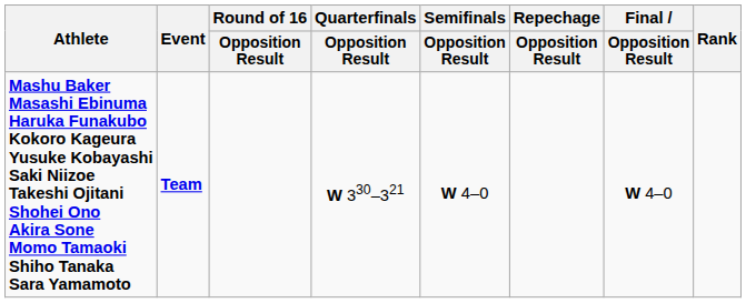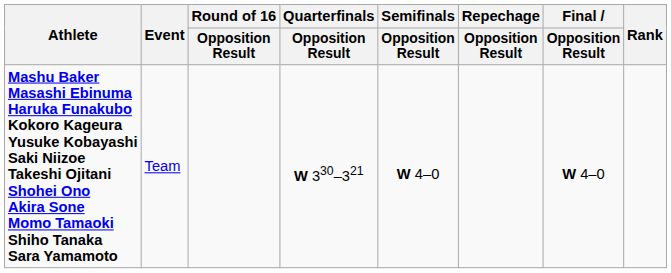 <table class=wikitable style=font-size:90%;text-align:center>
 <tr>
 <th rowspan="2">Athlete</th>
 <th rowspan="2">Event</th>
 <th>Round of 16</th>
 <th>Quarterfinals</th>
 <th>Semifinals</th>
 <th>Repechage</th>
 <th>Final / </th>
 <th rowspan=2>Rank</th>
 </tr>
 <tr style="font-size:95%">
 <th>Opposition<br>Result</th>
 <th>Opposition<br>Result</th>
 <th>Opposition<br>Result</th>
 <th>Opposition<br>Result</th>
 <th>Opposition<br>Result</th>
 </tr>
 <tr>
 <td style="text-align:left"><strong><a href='#'>Mashu Baker</a><br><a href='#'>Masashi Ebinuma</a><br><a href='#'>Haruka Funakubo</a><br>Kokoro Kageura<br>Yusuke Kobayashi<br>Saki Niizoe<br>Takeshi Ojitani<br><a href='#'>Shohei Ono</a><br><a href='#'>Akira Sone</a><br><a href='#'>Momo Tamaoki</a><br>Shiho Tanaka<br>Sara Yamamoto</strong></td>
-<td style="text-align:left"><strong><a href='#'>Team</a></strong></td>
+<td style="text-align:left"><a href='#'>Team</a></td>
 <td></td>
 <td><br><strong>W</strong> 3<sup>30</sup>–3<sup>21</sup></td>
 <td><br><strong>W</strong> 4–0</td>
 <td></td>
 <td><br><strong>W</strong> 4–0</td>
 <td></td>
 </tr>
 </table>
